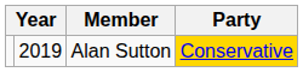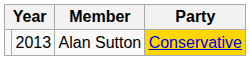 <table class="wikitable">
 <tr>
 <th colspan="2">Year</th>
 <th>Member</th>
 <th>Party</th>
 </tr>
 <tr>
 <td style="background-color: "></td>
-<td>2019</td>
+<td>2013</td>
 <td>Alan Sutton</td>
 <td style="background: gold;"><a href='#'>Conservative</a></td>
 </tr>
 </table>
